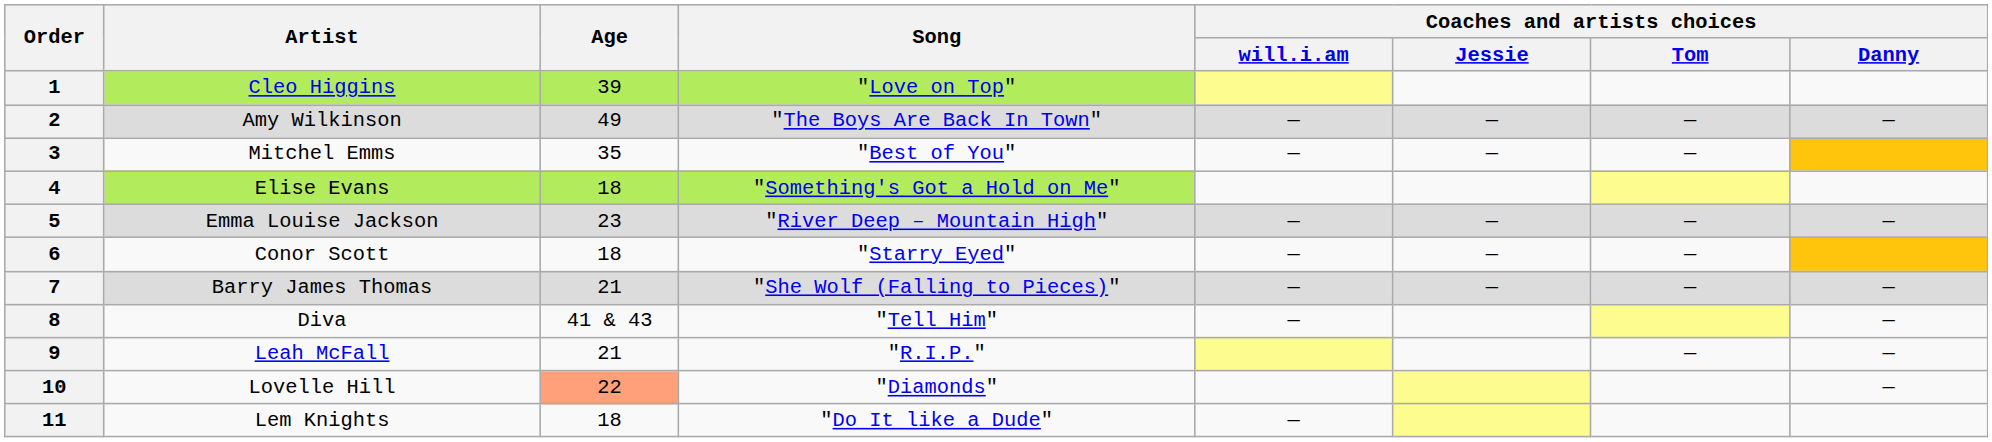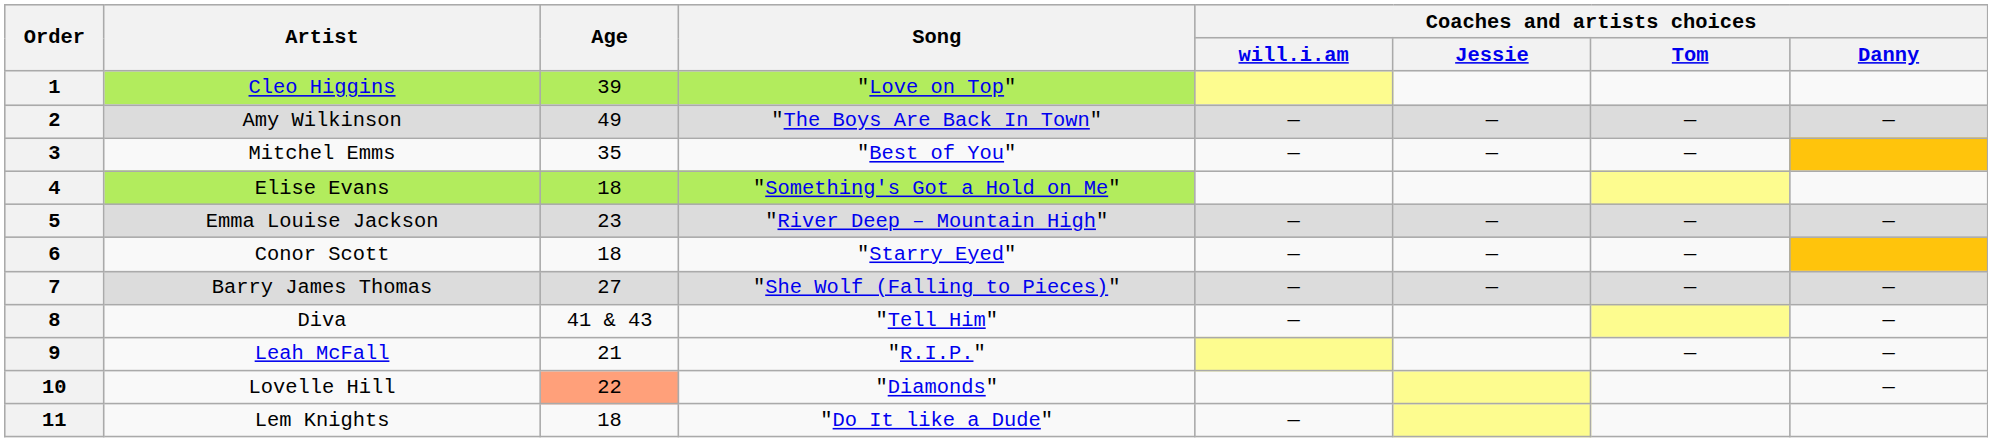 <table class="wikitable" style="text-align:center; width:100%;">
 <tr>
 <th scope="col" rowspan="2" style="width:05%;">Order</th>
 <th scope="col" rowspan="2" style="width:22%;">Artist</th>
 <th scope="col" rowspan="2" style="width:07%;">Age</th>
 <th scope="col" rowspan="2" style="width:26%;">Song</th>
 <th colspan="4" style="width:40%;">Coaches and artists choices</th>
 </tr>
 <tr>
 <th style="width:10%;"><a href='#'>will.i.am</a></th>
 <th style="width:10%;"><a href='#'>Jessie</a></th>
 <th style="width:10%;"><a href='#'>Tom</a></th>
 <th style="width:10%;"><a href='#'>Danny</a></th>
 </tr>
 <tr>
 <th scope="col">1</th>
 <td style="background-color:#B2EC5D;"><a href='#'>Cleo Higgins</a></td>
 <td style="background-color:#B2EC5D;">39</td>
 <td style="background-color:#B2EC5D;">"<a href='#'>Love on Top</a>"</td>
 <td style="background:#fdfc8f; text-align:center;"><strong></strong></td>
 <td><strong></strong></td>
 <td><strong></strong></td>
 <td><strong></strong></td>
 </tr>
 <tr style="background:#DCDCDC">
 <th scope="col">2</th>
 <td>Amy Wilkinson</td>
 <td>49</td>
 <td>"<a href='#'>The Boys Are Back In Town</a>"</td>
 <td>—</td>
 <td>—</td>
 <td>—</td>
 <td>—</td>
 </tr>
 <tr>
 <th scope="col">3</th>
 <td>Mitchel Emms</td>
 <td>35</td>
 <td>"<a href='#'>Best of You</a>"</td>
 <td>—</td>
 <td>—</td>
 <td>—</td>
 <td style="background:#FFC40C; text-align:center;"><strong></strong></td>
 </tr>
 <tr>
 <th scope="col">4</th>
 <td style="background-color:#B2EC5D;">Elise Evans</td>
 <td style="background-color:#B2EC5D;">18</td>
 <td style="background-color:#B2EC5D;">"<a href='#'>Something's Got a Hold on Me</a>"</td>
 <td><strong></strong></td>
 <td><strong></strong></td>
 <td style="background:#fdfc8f; text-align:center;"><strong></strong></td>
 <td><strong></strong></td>
 </tr>
 <tr style="background:#DCDCDC">
 <th scope="col">5</th>
 <td>Emma Louise Jackson</td>
 <td>23</td>
 <td>"<a href='#'>River Deep – Mountain High</a>"</td>
 <td>—</td>
 <td>—</td>
 <td>—</td>
 <td>—</td>
 </tr>
 <tr>
 <th scope="col">6</th>
 <td>Conor Scott</td>
 <td>18</td>
 <td>"<a href='#'>Starry Eyed</a>"</td>
 <td>—</td>
 <td>—</td>
 <td>—</td>
 <td style="background:#FFC40C; text-align:center;"><strong></strong></td>
 </tr>
 <tr style="background:#DCDCDC">
 <th scope="col">7</th>
 <td>Barry James Thomas</td>
-<td>21</td>
+<td>27</td>
 <td>"<a href='#'>She Wolf (Falling to Pieces)</a>"</td>
 <td>—</td>
 <td>—</td>
 <td>—</td>
 <td>—</td>
 </tr>
 <tr>
 <th scope="col">8</th>
 <td>Diva</td>
 <td>41 & 43</td>
 <td>"<a href='#'>Tell Him</a>"</td>
 <td>—</td>
 <td><strong></strong></td>
 <td style="background:#fdfc8f; text-align:center;"><strong></strong></td>
 <td>—</td>
 </tr>
 <tr>
 <th scope="col">9</th>
 <td><a href='#'>Leah McFall</a></td>
 <td>21</td>
 <td>"<a href='#'>R.I.P.</a>"</td>
 <td style="background:#fdfc8f; text-align:center;"><strong></strong></td>
 <td><strong></strong></td>
 <td>—</td>
 <td>—</td>
 </tr>
 <tr>
 <th scope="col">10</th>
 <td>Lovelle Hill</td>
 <td style="background: lightsalmon;">22</td>
 <td>"<a href='#'>Diamonds</a>"</td>
 <td><strong></strong></td>
 <td style="background:#fdfc8f; text-align:center;"><strong></strong></td>
 <td><strong></strong></td>
 <td>—</td>
 </tr>
 <tr>
 <th scope="col">11</th>
 <td>Lem Knights</td>
 <td>18</td>
 <td>"<a href='#'>Do It like a Dude</a>"</td>
 <td>—</td>
 <td style="background:#fdfc8f; text-align:center;"><strong></strong></td>
 <td><strong></strong></td>
 <td><strong></strong></td>
 </tr>
 </table>
